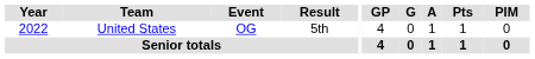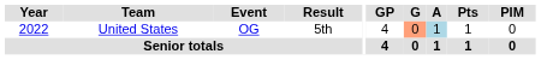 <table border="0" cellpadding="1" cellspacing="0" ID="Table3" style="text-align:center; width:40em;">
 <tr bgcolor="#e0e0e0">
 <th>Year</th>
 <th>Team</th>
 <th>Event</th>
 <th>Result</th>
 <th rowspan="98" bgcolor="#ffffff"></th>
 <th>GP</th>
 <th>G</th>
 <th>A</th>
 <th>Pts</th>
 <th>PIM</th>
 </tr>
 <tr>
 <td><a href='#'>2022</a></td>
 <td><a href='#'>United States</a></td>
 <td><a href='#'>OG</a></td>
 <td>5th</td>
 <td>4</td>
-<td>0</td>
-<td>1</td>
+<td style="background: lightsalmon;">0</td>
+<td style="background: lightblue;">1</td>
 <td>1</td>
 <td>0</td>
 </tr>
 <tr bgcolor="#e0e0e0">
 <th colspan="4">Senior totals</th>
 <th>4</th>
 <th>0</th>
 <th>1</th>
 <th>1</th>
 <th>0</th>
 </tr>
 </table>
